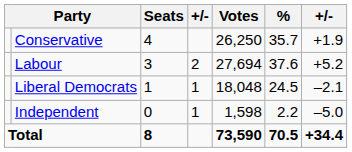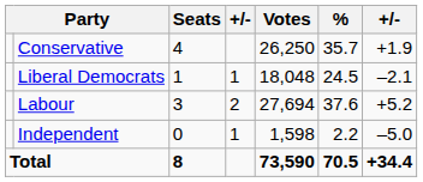 <table class="wikitable sortable">
 <tr>
 <th colspan="2">Party</th>
 <th>Seats</th>
 <th>+/-</th>
 <th>Votes</th>
 <th>%</th>
 <th>+/-</th>
 </tr>
 <tr>
 <td style="background-color: "></td>
 <td><a href='#'>Conservative</a></td>
 <td>4</td>
 <td></td>
 <td style="text-align:right;">26,250</td>
 <td style="text-align:right;">35.7</td>
 <td style="text-align:right;">+1.9</td>
 </tr>
 <tr>
 <td style="background-color: "></td>
+<td><a href='#'>Liberal Democrats</a></td>
+<td>1</td>
+<td> 1</td>
+<td style="text-align:right;">18,048</td>
+<td style="text-align:right;">24.5</td>
+<td style="text-align:right;">–2.1</td>
+</tr>
+<tr>
+<td style="background-color: "></td>
 <td><a href='#'>Labour</a></td>
 <td>3</td>
 <td> 2</td>
 <td style="text-align:right;">27,694</td>
 <td style="text-align:right;">37.6</td>
 <td style="text-align:right;">+5.2</td>
-</tr>
-<tr>
-<td style="background-color: "></td>
-<td><a href='#'>Liberal Democrats</a></td>
-<td>1</td>
-<td> 1</td>
-<td style="text-align:right;">18,048</td>
-<td style="text-align:right;">24.5</td>
-<td style="text-align:right;">–2.1</td>
 </tr>
 <tr>
 <td style="background-color: "></td>
 <td><a href='#'>Independent</a></td>
 <td>0</td>
 <td> 1</td>
 <td style="text-align:right;">1,598</td>
 <td style="text-align:right;">2.2</td>
 <td style="text-align:right;">–5.0</td>
 </tr>
 <tr>
 <td colspan="2"><strong>Total</strong></td>
 <td><strong>8</strong></td>
 <td></td>
 <td style="text-align:right;"><strong>73,590</strong></td>
 <td style="text-align:right;"><strong>70.5</strong></td>
 <td style="text-align:right;"><strong>+34.4</strong></td>
 </tr>
 </table>
